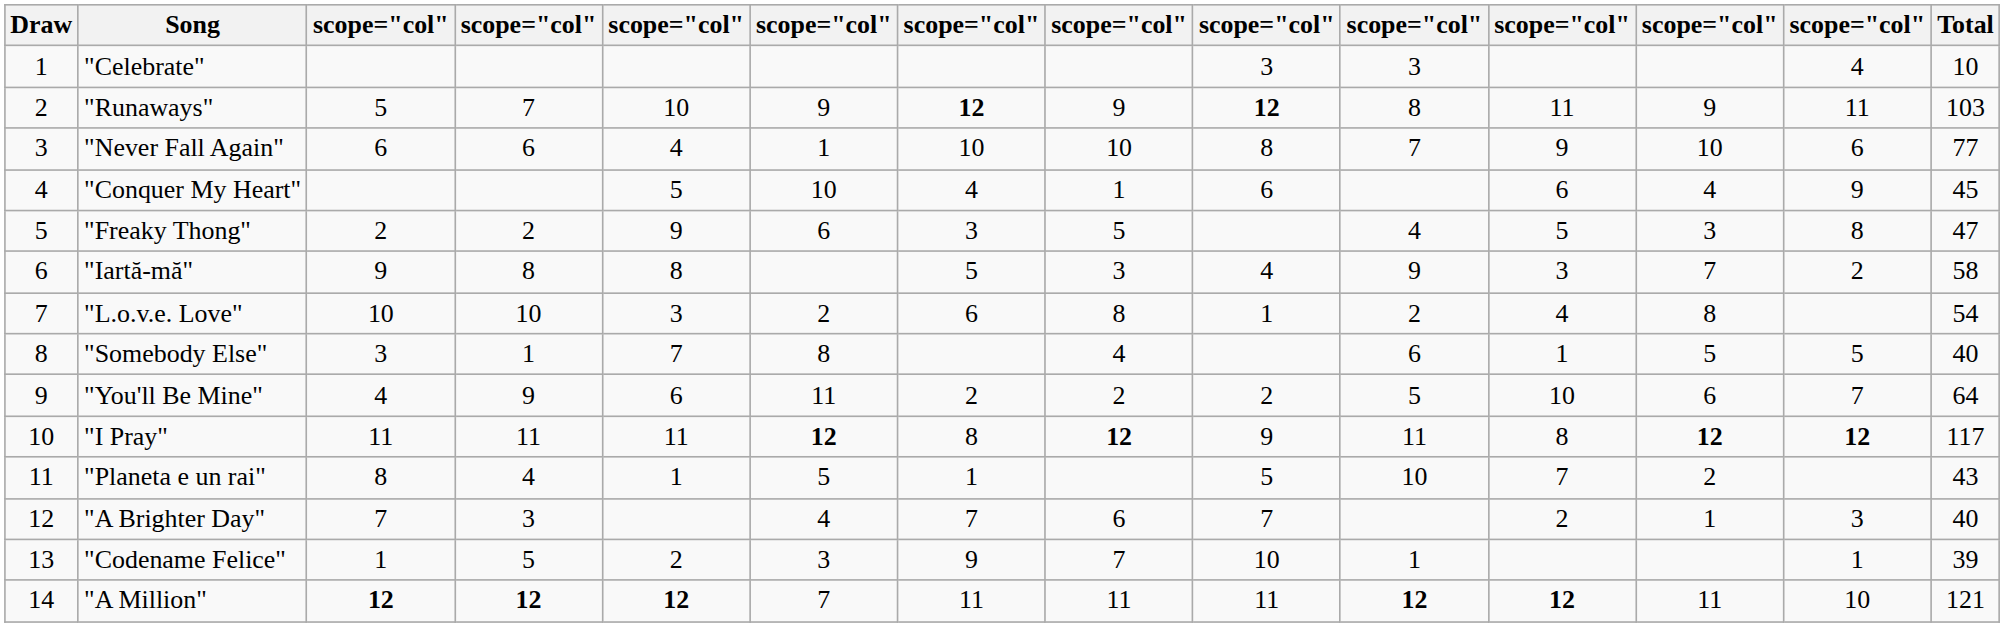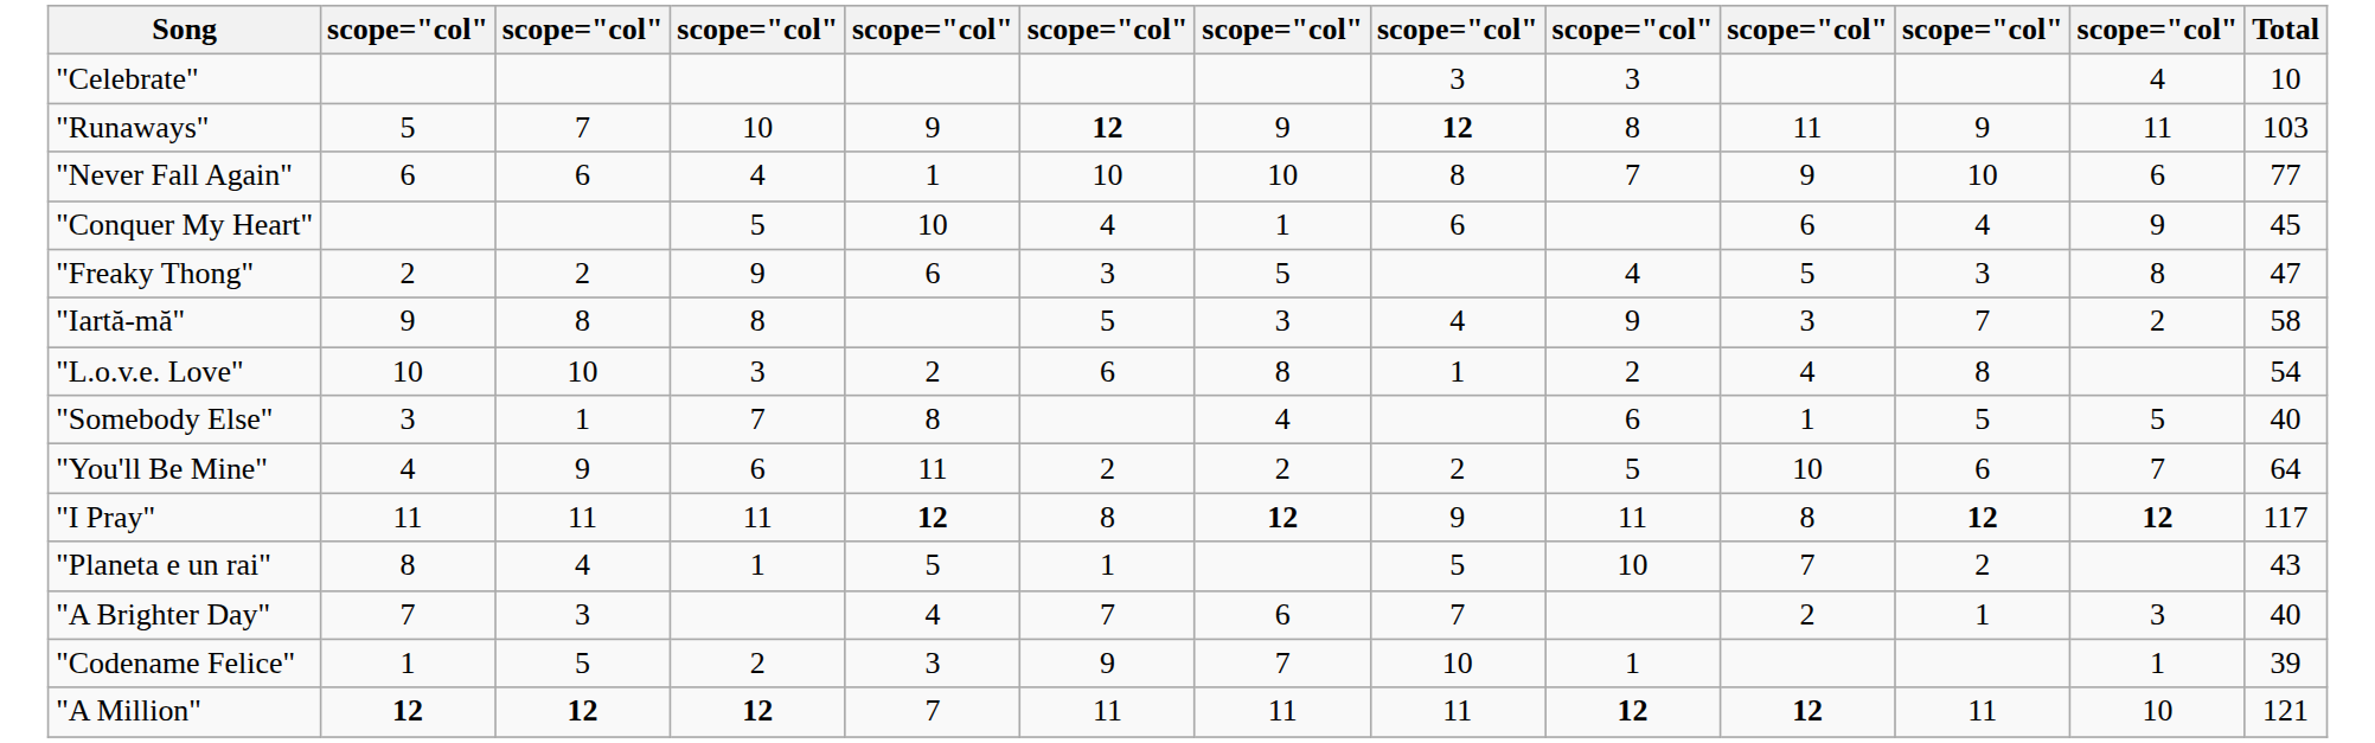 <table class="wikitable collapsible" style="margin: 1em auto 1em auto; text-align:center;">
 <tr>
-<th>Draw</th>
 <th>Song</th>
 <th>scope="col" </th>
 <th>scope="col" </th>
 <th>scope="col" </th>
 <th>scope="col" </th>
 <th>scope="col" </th>
 <th>scope="col" </th>
 <th>scope="col" </th>
 <th>scope="col" </th>
 <th>scope="col" </th>
 <th>scope="col" </th>
 <th>scope="col" </th>
 <th>Total</th>
 </tr>
 <tr>
-<td>1</td>
 <td align="left">"Celebrate"</td>
 <td></td>
 <td></td>
 <td></td>
 <td></td>
 <td></td>
 <td></td>
 <td>3</td>
 <td>3</td>
 <td></td>
 <td></td>
 <td>4</td>
 <td>10</td>
 </tr>
 <tr>
-<td>2</td>
 <td align="left">"Runaways"</td>
 <td>5</td>
 <td>7</td>
 <td>10</td>
 <td>9</td>
 <td><strong>12</strong></td>
 <td>9</td>
 <td><strong>12</strong></td>
 <td>8</td>
 <td>11</td>
 <td>9</td>
 <td>11</td>
 <td>103</td>
 </tr>
 <tr>
-<td>3</td>
 <td align="left">"Never Fall Again"</td>
 <td>6</td>
 <td>6</td>
 <td>4</td>
 <td>1</td>
 <td>10</td>
 <td>10</td>
 <td>8</td>
 <td>7</td>
 <td>9</td>
 <td>10</td>
 <td>6</td>
 <td>77</td>
 </tr>
 <tr>
-<td>4</td>
 <td align="left">"Conquer My Heart"</td>
 <td></td>
 <td></td>
 <td>5</td>
 <td>10</td>
 <td>4</td>
 <td>1</td>
 <td>6</td>
 <td></td>
 <td>6</td>
 <td>4</td>
 <td>9</td>
 <td>45</td>
 </tr>
 <tr>
-<td>5</td>
 <td align="left">"Freaky Thong"</td>
 <td>2</td>
 <td>2</td>
 <td>9</td>
 <td>6</td>
 <td>3</td>
 <td>5</td>
 <td></td>
 <td>4</td>
 <td>5</td>
 <td>3</td>
 <td>8</td>
 <td>47</td>
 </tr>
 <tr>
-<td>6</td>
 <td align="left">"Iartă-mă"</td>
 <td>9</td>
 <td>8</td>
 <td>8</td>
 <td></td>
 <td>5</td>
 <td>3</td>
 <td>4</td>
 <td>9</td>
 <td>3</td>
 <td>7</td>
 <td>2</td>
 <td>58</td>
 </tr>
 <tr>
-<td>7</td>
 <td align="left">"L.o.v.e. Love"</td>
 <td>10</td>
 <td>10</td>
 <td>3</td>
 <td>2</td>
 <td>6</td>
 <td>8</td>
 <td>1</td>
 <td>2</td>
 <td>4</td>
 <td>8</td>
 <td></td>
 <td>54</td>
 </tr>
 <tr>
-<td>8</td>
 <td align="left">"Somebody Else"</td>
 <td>3</td>
 <td>1</td>
 <td>7</td>
 <td>8</td>
 <td></td>
 <td>4</td>
 <td></td>
 <td>6</td>
 <td>1</td>
 <td>5</td>
 <td>5</td>
 <td>40</td>
 </tr>
 <tr>
-<td>9</td>
 <td align="left">"You'll Be Mine"</td>
 <td>4</td>
 <td>9</td>
 <td>6</td>
 <td>11</td>
 <td>2</td>
 <td>2</td>
 <td>2</td>
 <td>5</td>
 <td>10</td>
 <td>6</td>
 <td>7</td>
 <td>64</td>
 </tr>
 <tr>
-<td>10</td>
 <td align="left">"I Pray"</td>
 <td>11</td>
 <td>11</td>
 <td>11</td>
 <td><strong>12</strong></td>
 <td>8</td>
 <td><strong>12</strong></td>
 <td>9</td>
 <td>11</td>
 <td>8</td>
 <td><strong>12</strong></td>
 <td><strong>12</strong></td>
 <td>117</td>
 </tr>
 <tr>
-<td>11</td>
 <td align="left">"Planeta e un rai"</td>
 <td>8</td>
 <td>4</td>
 <td>1</td>
 <td>5</td>
 <td>1</td>
 <td></td>
 <td>5</td>
 <td>10</td>
 <td>7</td>
 <td>2</td>
 <td></td>
 <td>43</td>
 </tr>
 <tr>
-<td>12</td>
 <td align="left">"A Brighter Day"</td>
 <td>7</td>
 <td>3</td>
 <td></td>
 <td>4</td>
 <td>7</td>
 <td>6</td>
 <td>7</td>
 <td></td>
 <td>2</td>
 <td>1</td>
 <td>3</td>
 <td>40</td>
 </tr>
 <tr>
-<td>13</td>
 <td align="left">"Codename Felice"</td>
 <td>1</td>
 <td>5</td>
 <td>2</td>
 <td>3</td>
 <td>9</td>
 <td>7</td>
 <td>10</td>
 <td>1</td>
 <td></td>
 <td></td>
 <td>1</td>
 <td>39</td>
 </tr>
 <tr>
-<td>14</td>
 <td align="left">"A Million"</td>
 <td><strong>12</strong></td>
 <td><strong>12</strong></td>
 <td><strong>12</strong></td>
 <td>7</td>
 <td>11</td>
 <td>11</td>
 <td>11</td>
 <td><strong>12</strong></td>
 <td><strong>12</strong></td>
 <td>11</td>
 <td>10</td>
 <td>121</td>
 </tr>
 </table>
